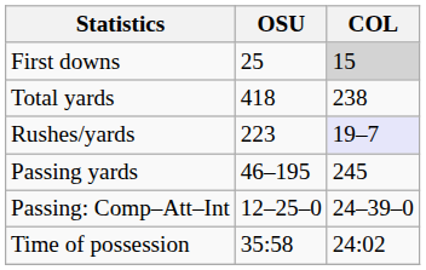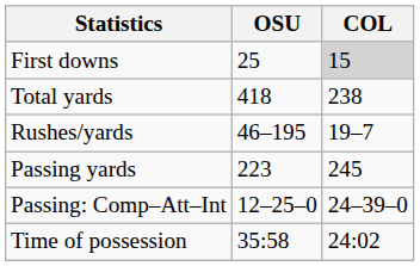 <table class="wikitable" style="float: left;">
 <tr>
 <th>Statistics</th>
 <th>OSU</th>
 <th>COL</th>
 </tr>
 <tr>
 <td>First downs</td>
 <td>25</td>
 <td style="background: lightgrey;">15</td>
 </tr>
 <tr>
 <td>Total yards</td>
 <td>418</td>
 <td>238</td>
 </tr>
 <tr>
 <td>Rushes/yards</td>
-<td>223</td>
-<td style="background: lavender;">19–7</td>
+<td>46–195</td>
+<td>19–7</td>
 </tr>
 <tr>
 <td>Passing yards</td>
-<td>46–195</td>
+<td>223</td>
 <td>245</td>
 </tr>
 <tr>
 <td>Passing: Comp–Att–Int</td>
 <td>12–25–0</td>
 <td>24–39–0</td>
 </tr>
 <tr>
 <td>Time of possession</td>
 <td>35:58</td>
 <td>24:02</td>
 </tr>
 <tr>
 </tr>
 </table>
